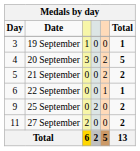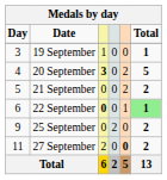 <table class="wikitable" style="font-size:90%; float:right">
 <tr align=center>
 <th colspan=7><strong>Medals by day</strong></th>
 </tr>
 <tr align=center>
 <td><strong>Day</strong></td>
 <td><strong>Date</strong></td>
 <td style="background:#f7f6a8;"></td>
 <td style="background:#dce5e5;"></td>
 <td style="background:#ffdab9;"></td>
 <td><strong>Total</strong></td>
 </tr>
 <tr align=center>
 </tr>
 <tr align=center>
 <td>3</td>
 <td>19 September</td>
 <td style="background:#f7f6a8;">1</td>
 <td style="background:#dce5e5;">0</td>
 <td style="background:#ffdab9;">0</td>
 <td><strong>1</strong></td>
 </tr>
 <tr align=center>
 <td>4</td>
 <td>20 September</td>
-<td style="background:#f7f6a8;">3</td>
+<td style="background:#f7f6a8;"><strong>3</strong></td>
 <td style="background:#dce5e5;">0</td>
 <td style="background:#ffdab9;">2</td>
 <td><strong>5</strong></td>
 </tr>
 <tr align=center>
 <td>5</td>
 <td>21 September</td>
 <td style="background:#f7f6a8;">0</td>
 <td style="background:#dce5e5;">0</td>
 <td style="background:#ffdab9;">2</td>
 <td><strong>2</strong></td>
 </tr>
 <tr align=center>
 <td>6</td>
 <td>22 September</td>
-<td style="background:#f7f6a8;">0</td>
+<td style="background:#f7f6a8;"><strong>0</strong></td>
 <td style="background:#dce5e5;">0</td>
 <td style="background:#ffdab9;">1</td>
-<td><strong>1</strong></td>
+<td style="background: lightgreen;"><strong>1</strong></td>
 </tr>
 <tr align=center>
 <td>9</td>
 <td>25 September</td>
 <td style="background:#f7f6a8;">0</td>
 <td style="background:#dce5e5;">2</td>
 <td style="background:#ffdab9;">0</td>
 <td><strong>2</strong></td>
 </tr>
 <tr align=center>
 <td>11</td>
 <td>27 September</td>
 <td style="background:#f7f6a8;">2</td>
 <td style="background:#dce5e5;">0</td>
-<td style="background:#ffdab9;">0</td>
+<td style="background:#ffdab9;"><strong>0</strong></td>
 <td><strong>2</strong></td>
 </tr>
 <tr style="text-align:center">
 <th colspan=2>Total</th>
 <th style="background:gold">6</th>
 <th style="background:silver">2</th>
 <th style="background:#c96">5</th>
 <th>13</th>
 </tr>
 </table>
